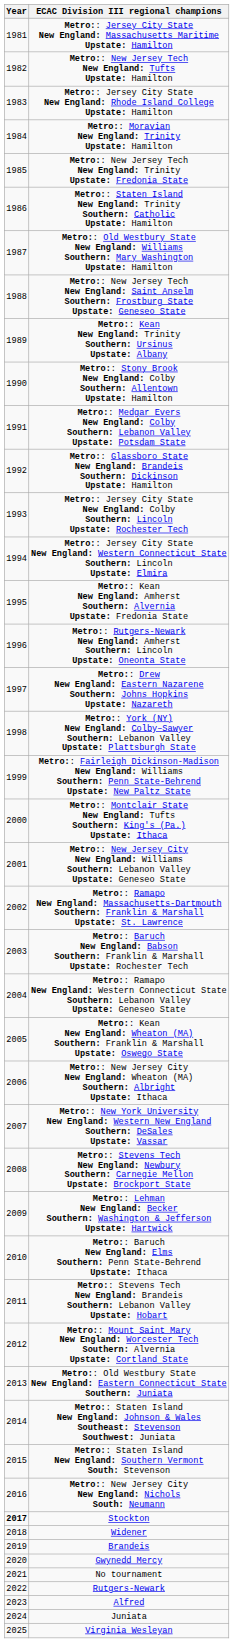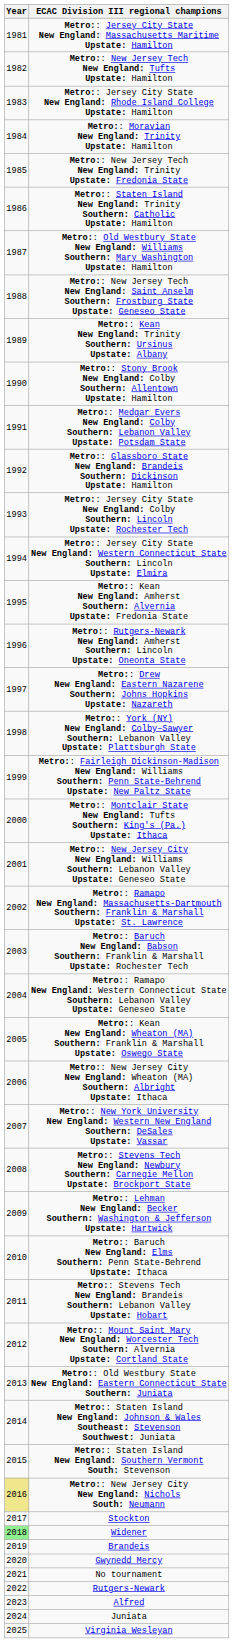 <table class="wikitable" style="text-align:center">
 <tr bgcolor="#CCCCCC">
 <th>Year</th>
 <th>ECAC Division III regional champions</th>
 </tr>
 <tr>
 <td>1981</td>
 <td><strong>Metro:</strong>: <a href='#'>Jersey City State</a><br><strong>New England:</strong> <a href='#'>Massachusetts Maritime</a><br><strong>Upstate:</strong> <a href='#'>Hamilton</a></td>
 </tr>
 <tr>
 <td>1982</td>
 <td><strong>Metro:</strong>: <a href='#'>New Jersey Tech</a><br><strong>New England:</strong> <a href='#'>Tufts</a><br><strong>Upstate:</strong> Hamilton</td>
 </tr>
 <tr>
 <td>1983</td>
 <td><strong>Metro:</strong>: Jersey City State<br><strong>New England:</strong> <a href='#'>Rhode Island College</a><br><strong>Upstate:</strong> Hamilton</td>
 </tr>
 <tr>
 <td>1984</td>
 <td><strong>Metro:</strong>: <a href='#'>Moravian</a><br><strong>New England:</strong> <a href='#'>Trinity</a><br><strong>Upstate:</strong> Hamilton</td>
 </tr>
 <tr>
 <td>1985</td>
 <td><strong>Metro:</strong>: New Jersey Tech<br><strong>New England:</strong> Trinity<br><strong>Upstate:</strong> <a href='#'>Fredonia State</a></td>
 </tr>
 <tr>
 <td>1986</td>
 <td><strong>Metro:</strong>: <a href='#'>Staten Island</a><br><strong>New England:</strong> Trinity<br><strong>Southern:</strong> <a href='#'>Catholic</a><br><strong>Upstate:</strong> Hamilton</td>
 </tr>
 <tr>
 <td>1987</td>
 <td><strong>Metro:</strong>: <a href='#'>Old Westbury State</a><br><strong>New England:</strong> <a href='#'>Williams</a><br><strong>Southern:</strong> <a href='#'>Mary Washington</a><br><strong>Upstate:</strong> Hamilton</td>
 </tr>
 <tr>
 <td>1988</td>
 <td><strong>Metro:</strong>: New Jersey Tech<br><strong>New England:</strong> <a href='#'>Saint Anselm</a><br><strong>Southern:</strong> <a href='#'>Frostburg State</a><br><strong>Upstate:</strong> <a href='#'>Geneseo State</a></td>
 </tr>
 <tr>
 <td>1989</td>
 <td><strong>Metro:</strong>: <a href='#'>Kean</a><br><strong>New England:</strong> Trinity<br><strong>Southern:</strong> <a href='#'>Ursinus</a><br><strong>Upstate:</strong> <a href='#'>Albany</a></td>
 </tr>
 <tr>
 <td>1990</td>
 <td><strong>Metro:</strong>: <a href='#'>Stony Brook</a><br><strong>New England:</strong> Colby<br><strong>Southern:</strong> <a href='#'>Allentown</a><br><strong>Upstate:</strong> Hamilton</td>
 </tr>
 <tr>
 <td>1991</td>
 <td><strong>Metro:</strong>: <a href='#'>Medgar Evers</a><br><strong>New England:</strong> <a href='#'>Colby</a><br><strong>Southern:</strong> <a href='#'>Lebanon Valley</a><br><strong>Upstate:</strong> <a href='#'>Potsdam State</a></td>
 </tr>
 <tr>
 <td>1992</td>
 <td><strong>Metro:</strong>: <a href='#'>Glassboro State</a><br><strong>New England:</strong> <a href='#'>Brandeis</a><br><strong>Southern:</strong> <a href='#'>Dickinson</a><br><strong>Upstate:</strong> Hamilton</td>
 </tr>
 <tr>
 <td>1993</td>
 <td><strong>Metro:</strong>: Jersey City State<br><strong>New England:</strong> Colby<br><strong>Southern:</strong> <a href='#'>Lincoln</a><br><strong>Upstate:</strong> <a href='#'>Rochester Tech</a></td>
 </tr>
 <tr>
 <td>1994</td>
 <td><strong>Metro:</strong>: Jersey City State<br><strong>New England:</strong> <a href='#'>Western Connecticut State</a><br><strong>Southern:</strong> Lincoln<br><strong>Upstate:</strong> <a href='#'>Elmira</a></td>
 </tr>
 <tr>
 <td>1995</td>
 <td><strong>Metro:</strong>: Kean<br><strong>New England:</strong> Amherst<br><strong>Southern:</strong> <a href='#'>Alvernia</a><br><strong>Upstate:</strong> Fredonia State</td>
 </tr>
 <tr>
 <td>1996</td>
 <td><strong>Metro:</strong>: <a href='#'>Rutgers-Newark</a><br><strong>New England:</strong> Amherst<br><strong>Southern:</strong> Lincoln<br><strong>Upstate:</strong> <a href='#'>Oneonta State</a></td>
 </tr>
 <tr>
 <td>1997</td>
 <td><strong>Metro:</strong>: <a href='#'>Drew</a><br><strong>New England:</strong> <a href='#'>Eastern Nazarene</a><br><strong>Southern:</strong> <a href='#'>Johns Hopkins</a><br><strong>Upstate:</strong> <a href='#'>Nazareth</a></td>
 </tr>
 <tr>
 <td>1998</td>
 <td><strong>Metro:</strong>: <a href='#'>York (NY)</a><br><strong>New England:</strong> <a href='#'>Colby–Sawyer</a><br><strong>Southern:</strong> Lebanon Valley<br><strong>Upstate:</strong> <a href='#'>Plattsburgh State</a></td>
 </tr>
 <tr>
 <td>1999</td>
 <td><strong>Metro:</strong>: <a href='#'>Fairleigh Dickinson-Madison</a><br><strong>New England:</strong> Williams<br><strong>Southern:</strong> <a href='#'>Penn State-Behrend</a><br><strong>Upstate:</strong> <a href='#'>New Paltz State</a></td>
 </tr>
 <tr>
 <td>2000</td>
 <td><strong>Metro:</strong>: <a href='#'>Montclair State</a><br><strong>New England:</strong> Tufts<br><strong>Southern:</strong> <a href='#'>King's (Pa.)</a><br><strong>Upstate:</strong> <a href='#'>Ithaca</a></td>
 </tr>
 <tr>
 <td>2001</td>
 <td><strong>Metro:</strong>: <a href='#'>New Jersey City</a><br><strong>New England:</strong> Williams<br><strong>Southern:</strong> Lebanon Valley<br><strong>Upstate:</strong> Geneseo State</td>
 </tr>
 <tr>
 <td>2002</td>
 <td><strong>Metro:</strong>: <a href='#'>Ramapo</a><br><strong>New England:</strong> <a href='#'>Massachusetts-Dartmouth</a><br><strong>Southern:</strong> <a href='#'>Franklin & Marshall</a><br><strong>Upstate:</strong> <a href='#'>St. Lawrence</a></td>
 </tr>
 <tr>
 <td>2003</td>
 <td><strong>Metro:</strong>: <a href='#'>Baruch</a><br><strong>New England:</strong> <a href='#'>Babson</a><br><strong>Southern:</strong> Franklin & Marshall<br><strong>Upstate:</strong> Rochester Tech</td>
 </tr>
 <tr>
 <td>2004</td>
 <td><strong>Metro:</strong>: Ramapo<br><strong>New England:</strong> Western Connecticut State<br><strong>Southern:</strong> Lebanon Valley<br><strong>Upstate:</strong> Geneseo State</td>
 </tr>
 <tr>
 <td>2005</td>
 <td><strong>Metro:</strong>: Kean<br><strong>New England:</strong> <a href='#'>Wheaton (MA)</a><br><strong>Southern:</strong> Franklin & Marshall<br><strong>Upstate:</strong> <a href='#'>Oswego State</a></td>
 </tr>
 <tr>
 <td>2006</td>
 <td><strong>Metro:</strong>: New Jersey City<br><strong>New England:</strong> Wheaton (MA)<br><strong>Southern:</strong> <a href='#'>Albright</a><br><strong>Upstate:</strong> Ithaca</td>
 </tr>
 <tr>
 <td>2007</td>
 <td><strong>Metro:</strong>: <a href='#'>New York University</a><br><strong>New England:</strong> <a href='#'>Western New England</a><br><strong>Southern:</strong> <a href='#'>DeSales</a><br><strong>Upstate:</strong> <a href='#'>Vassar</a></td>
 </tr>
 <tr>
 <td>2008</td>
 <td><strong>Metro:</strong>: <a href='#'>Stevens Tech</a><br><strong>New England:</strong> <a href='#'>Newbury</a><br><strong>Southern:</strong> <a href='#'>Carnegie Mellon</a><br><strong>Upstate:</strong> <a href='#'>Brockport State</a></td>
 </tr>
 <tr>
 <td>2009</td>
 <td><strong>Metro:</strong>: <a href='#'>Lehman</a><br><strong>New England:</strong> <a href='#'>Becker</a><br><strong>Southern:</strong> <a href='#'>Washington & Jefferson</a><br><strong>Upstate:</strong> <a href='#'>Hartwick</a></td>
 </tr>
 <tr>
 <td>2010</td>
 <td><strong>Metro:</strong>: Baruch<br><strong>New England:</strong> <a href='#'>Elms</a><br><strong>Southern:</strong> Penn State-Behrend<br><strong>Upstate:</strong> Ithaca</td>
 </tr>
 <tr>
 <td>2011</td>
 <td><strong>Metro:</strong>: Stevens Tech<br><strong>New England:</strong> Brandeis<br><strong>Southern:</strong> Lebanon Valley<br><strong>Upstate:</strong> <a href='#'>Hobart</a></td>
 </tr>
 <tr>
 <td>2012</td>
 <td><strong>Metro:</strong>: <a href='#'>Mount Saint Mary</a><br><strong>New England:</strong> <a href='#'>Worcester Tech</a><br><strong>Southern:</strong> Alvernia<br><strong>Upstate:</strong> <a href='#'>Cortland State</a></td>
 </tr>
 <tr>
 <td>2013</td>
 <td><strong>Metro:</strong>: Old Westbury State<br><strong>New England:</strong> <a href='#'>Eastern Connecticut State</a><br><strong>Southern:</strong> <a href='#'>Juniata</a></td>
 </tr>
 <tr>
 <td>2014</td>
 <td><strong>Metro:</strong>: Staten Island<br><strong>New England:</strong> <a href='#'>Johnson & Wales</a><br><strong>Southeast:</strong> <a href='#'>Stevenson</a><br><strong>Southwest:</strong> Juniata</td>
 </tr>
 <tr>
 <td>2015</td>
 <td><strong>Metro:</strong>: Staten Island<br><strong>New England:</strong> <a href='#'>Southern Vermont</a><br><strong>South:</strong> Stevenson</td>
 </tr>
 <tr>
-<td>2016</td>
+<td style="background: khaki;">2016</td>
 <td><strong>Metro:</strong>: New Jersey City<br><strong>New England:</strong> <a href='#'>Nichols</a><br><strong>South:</strong> <a href='#'>Neumann</a></td>
 </tr>
 <tr>
-<td><strong>2017</strong></td>
+<td>2017</td>
 <td><a href='#'>Stockton</a></td>
 </tr>
 <tr>
-<td>2018</td>
+<td style="background: lightgreen;">2018</td>
 <td><a href='#'>Widener</a></td>
 </tr>
 <tr>
 <td>2019</td>
 <td><a href='#'>Brandeis</a></td>
 </tr>
 <tr>
 <td>2020</td>
 <td><a href='#'>Gwynedd Mercy</a></td>
 </tr>
 <tr>
 <td>2021</td>
 <td>No tournament</td>
 </tr>
 <tr>
 <td>2022</td>
 <td><a href='#'>Rutgers-Newark</a></td>
 </tr>
 <tr>
 <td>2023</td>
 <td><a href='#'>Alfred</a></td>
 </tr>
 <tr>
 <td>2024</td>
 <td>Juniata</td>
 </tr>
 <tr>
 <td>2025</td>
 <td><a href='#'>Virginia Wesleyan</a></td>
 </tr>
 </table>
